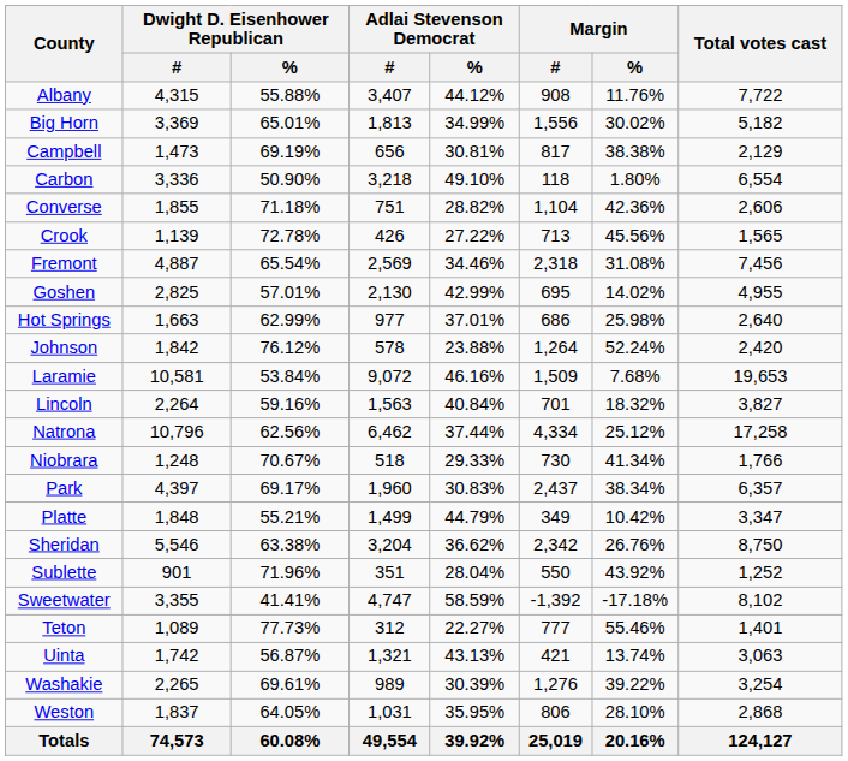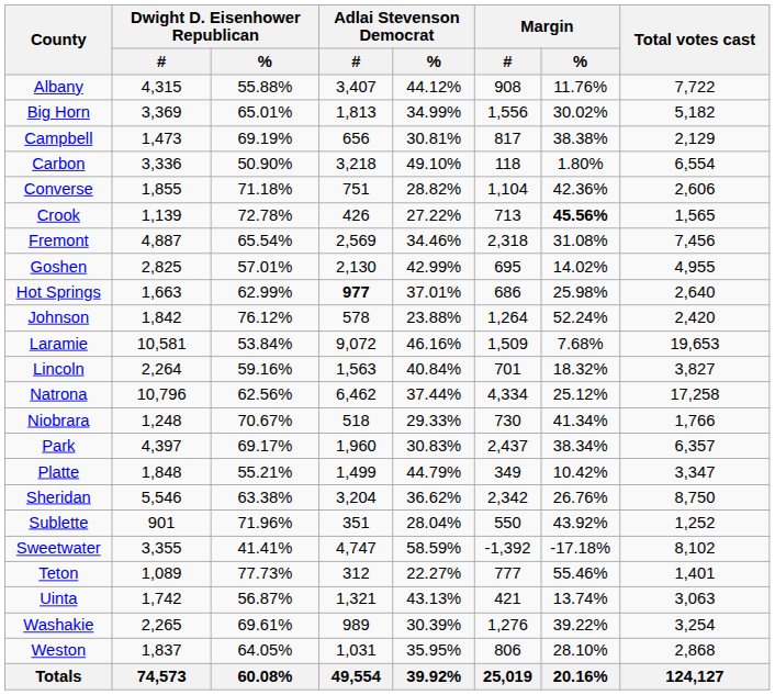 <table width="60%" class="wikitable sortable" style="text-align:center">
 <tr>
 <th style="text-align:center;" rowspan="2">County</th>
 <th style="text-align:center;" colspan="2">Dwight D. Eisenhower<br>Republican</th>
 <th style="text-align:center;" colspan="2">Adlai Stevenson<br>Democrat</th>
 <th style="text-align:center;" colspan="2">Margin</th>
 <th style="text-align:center;" rowspan="2">Total votes cast</th>
 </tr>
 <tr>
 <th style="text-align:center;" data-sort-type="number">#</th>
 <th style="text-align:center;" data-sort-type="number">%</th>
 <th style="text-align:center;" data-sort-type="number">#</th>
 <th style="text-align:center;" data-sort-type="number">%</th>
 <th style="text-align:center;" data-sort-type="number">#</th>
 <th style="text-align:center;" data-sort-type="number">%</th>
 </tr>
 <tr style="text-align:center;">
 <td><a href='#'>Albany</a></td>
 <td>4,315</td>
 <td>55.88%</td>
 <td>3,407</td>
 <td>44.12%</td>
 <td>908</td>
 <td>11.76%</td>
 <td>7,722</td>
 </tr>
 <tr style="text-align:center;">
 <td><a href='#'>Big Horn</a></td>
 <td>3,369</td>
 <td>65.01%</td>
 <td>1,813</td>
 <td>34.99%</td>
 <td>1,556</td>
 <td>30.02%</td>
 <td>5,182</td>
 </tr>
 <tr style="text-align:center;">
 <td><a href='#'>Campbell</a></td>
 <td>1,473</td>
 <td>69.19%</td>
 <td>656</td>
 <td>30.81%</td>
 <td>817</td>
 <td>38.38%</td>
 <td>2,129</td>
 </tr>
 <tr style="text-align:center;">
 <td><a href='#'>Carbon</a></td>
 <td>3,336</td>
 <td>50.90%</td>
 <td>3,218</td>
 <td>49.10%</td>
 <td>118</td>
 <td>1.80%</td>
 <td>6,554</td>
 </tr>
 <tr style="text-align:center;">
 <td><a href='#'>Converse</a></td>
 <td>1,855</td>
 <td>71.18%</td>
 <td>751</td>
 <td>28.82%</td>
 <td>1,104</td>
 <td>42.36%</td>
 <td>2,606</td>
 </tr>
 <tr style="text-align:center;">
 <td><a href='#'>Crook</a></td>
 <td>1,139</td>
 <td>72.78%</td>
 <td>426</td>
 <td>27.22%</td>
 <td>713</td>
-<td>45.56%</td>
+<td><strong>45.56%</strong></td>
 <td>1,565</td>
 </tr>
 <tr style="text-align:center;">
 <td><a href='#'>Fremont</a></td>
 <td>4,887</td>
 <td>65.54%</td>
 <td>2,569</td>
 <td>34.46%</td>
 <td>2,318</td>
 <td>31.08%</td>
 <td>7,456</td>
 </tr>
 <tr style="text-align:center;">
 <td><a href='#'>Goshen</a></td>
 <td>2,825</td>
 <td>57.01%</td>
 <td>2,130</td>
 <td>42.99%</td>
 <td>695</td>
 <td>14.02%</td>
 <td>4,955</td>
 </tr>
 <tr style="text-align:center;">
 <td><a href='#'>Hot Springs</a></td>
 <td>1,663</td>
 <td>62.99%</td>
-<td>977</td>
+<td><strong>977</strong></td>
 <td>37.01%</td>
 <td>686</td>
 <td>25.98%</td>
 <td>2,640</td>
 </tr>
 <tr style="text-align:center;">
 <td><a href='#'>Johnson</a></td>
 <td>1,842</td>
 <td>76.12%</td>
 <td>578</td>
 <td>23.88%</td>
 <td>1,264</td>
 <td>52.24%</td>
 <td>2,420</td>
 </tr>
 <tr style="text-align:center;">
 <td><a href='#'>Laramie</a></td>
 <td>10,581</td>
 <td>53.84%</td>
 <td>9,072</td>
 <td>46.16%</td>
 <td>1,509</td>
 <td>7.68%</td>
 <td>19,653</td>
 </tr>
 <tr style="text-align:center;">
 <td><a href='#'>Lincoln</a></td>
 <td>2,264</td>
 <td>59.16%</td>
 <td>1,563</td>
 <td>40.84%</td>
 <td>701</td>
 <td>18.32%</td>
 <td>3,827</td>
 </tr>
 <tr style="text-align:center;">
 <td><a href='#'>Natrona</a></td>
 <td>10,796</td>
 <td>62.56%</td>
 <td>6,462</td>
 <td>37.44%</td>
 <td>4,334</td>
 <td>25.12%</td>
 <td>17,258</td>
 </tr>
 <tr style="text-align:center;">
 <td><a href='#'>Niobrara</a></td>
 <td>1,248</td>
 <td>70.67%</td>
 <td>518</td>
 <td>29.33%</td>
 <td>730</td>
 <td>41.34%</td>
 <td>1,766</td>
 </tr>
 <tr style="text-align:center;">
 <td><a href='#'>Park</a></td>
 <td>4,397</td>
 <td>69.17%</td>
 <td>1,960</td>
 <td>30.83%</td>
 <td>2,437</td>
 <td>38.34%</td>
 <td>6,357</td>
 </tr>
 <tr style="text-align:center;">
 <td><a href='#'>Platte</a></td>
 <td>1,848</td>
 <td>55.21%</td>
 <td>1,499</td>
 <td>44.79%</td>
 <td>349</td>
 <td>10.42%</td>
 <td>3,347</td>
 </tr>
 <tr style="text-align:center;">
 <td><a href='#'>Sheridan</a></td>
 <td>5,546</td>
 <td>63.38%</td>
 <td>3,204</td>
 <td>36.62%</td>
 <td>2,342</td>
 <td>26.76%</td>
 <td>8,750</td>
 </tr>
 <tr style="text-align:center;">
 <td><a href='#'>Sublette</a></td>
 <td>901</td>
 <td>71.96%</td>
 <td>351</td>
 <td>28.04%</td>
 <td>550</td>
 <td>43.92%</td>
 <td>1,252</td>
 </tr>
 <tr style="text-align:center;">
 <td><a href='#'>Sweetwater</a></td>
 <td>3,355</td>
 <td>41.41%</td>
 <td>4,747</td>
 <td>58.59%</td>
 <td>-1,392</td>
 <td>-17.18%</td>
 <td>8,102</td>
 </tr>
 <tr style="text-align:center;">
 <td><a href='#'>Teton</a></td>
 <td>1,089</td>
 <td>77.73%</td>
 <td>312</td>
 <td>22.27%</td>
 <td>777</td>
 <td>55.46%</td>
 <td>1,401</td>
 </tr>
 <tr style="text-align:center;">
 <td><a href='#'>Uinta</a></td>
 <td>1,742</td>
 <td>56.87%</td>
 <td>1,321</td>
 <td>43.13%</td>
 <td>421</td>
 <td>13.74%</td>
 <td>3,063</td>
 </tr>
 <tr style="text-align:center;">
 <td><a href='#'>Washakie</a></td>
 <td>2,265</td>
 <td>69.61%</td>
 <td>989</td>
 <td>30.39%</td>
 <td>1,276</td>
 <td>39.22%</td>
 <td>3,254</td>
 </tr>
 <tr style="text-align:center;">
 <td><a href='#'>Weston</a></td>
 <td>1,837</td>
 <td>64.05%</td>
 <td>1,031</td>
 <td>35.95%</td>
 <td>806</td>
 <td>28.10%</td>
 <td>2,868</td>
 </tr>
 <tr style="text-align:center;">
 <th>Totals</th>
 <th>74,573</th>
 <th>60.08%</th>
 <th>49,554</th>
 <th>39.92%</th>
 <th>25,019</th>
 <th>20.16%</th>
 <th>124,127</th>
 </tr>
 </table>
